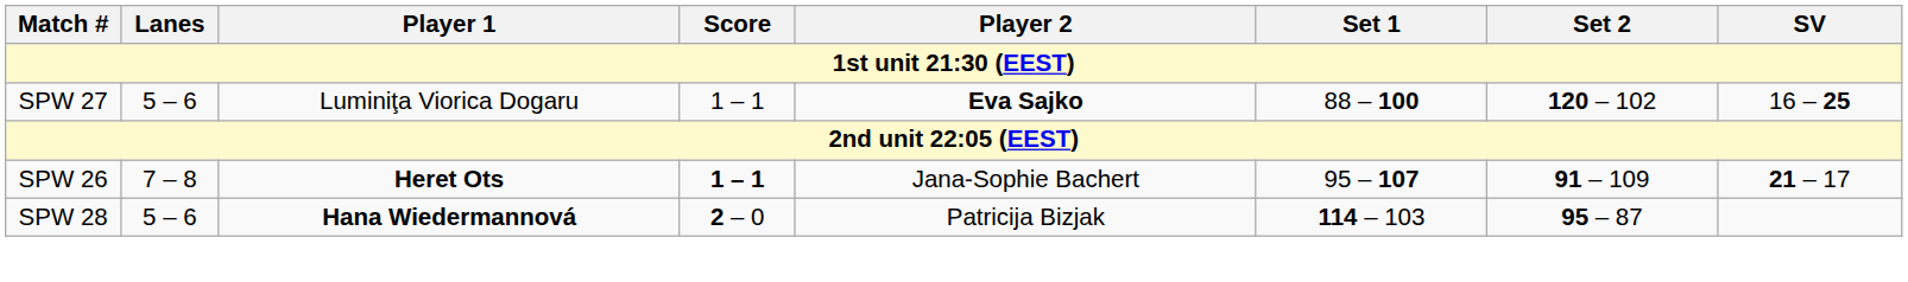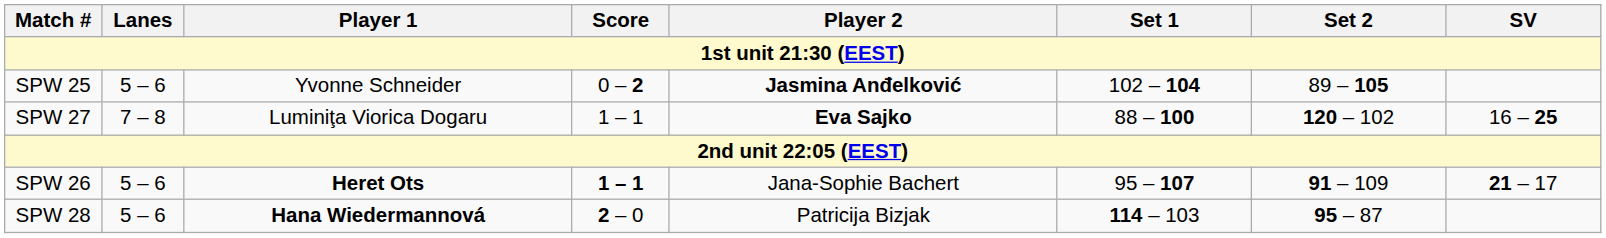 <table class="wikitable">
 <tr>
 <th width="5%">Match #</th>
 <th width="4%">Lanes</th>
 <th width="20%">Player 1</th>
 <th width="5%">Score</th>
 <th width="20%">Player 2</th>
 <th width="10%">Set 1</th>
 <th width="10%">Set 2</th>
 <th width="8%">SV</th>
 </tr>
 <tr>
 <td colspan="8" style="text-align:center; background-color:#FFFACD"><strong>1st unit 21:30 (<a href='#'>EEST</a>)</strong></td>
 </tr>
 <tr style=text-align:center;"background:#;">
+<td>SPW 25</td>
+<td>5 – 6</td>
+<td> Yvonne Schneider</td>
+<td>0 – <strong>2</strong></td>
+<td> <strong>Jasmina Anđelković</strong></td>
+<td>102 – <strong>104</strong></td>
+<td>89 – <strong>105</strong></td>
+<td></td>
+</tr>
+<tr style=text-align:center;"background:#;">
 <td>SPW 27</td>
-<td>5 – 6</td>
+<td>7 – 8</td>
 <td> Luminiţa Viorica Dogaru</td>
 <td>1 – 1</td>
 <td> <strong>Eva Sajko</strong></td>
 <td>88 – <strong>100</strong></td>
 <td><strong>120</strong> – 102</td>
 <td>16 – <strong>25</strong></td>
 </tr>
 <tr>
 <td colspan="8" style="text-align:center; background-color:#FFFACD"><strong>2nd unit 22:05 (<a href='#'>EEST</a>)</strong></td>
 </tr>
 <tr style=text-align:center;"background:#;">
 <td>SPW 26</td>
-<td>7 – 8</td>
+<td>5 – 6</td>
 <td> <strong>Heret Ots</strong></td>
 <td><strong>1 – 1</strong></td>
 <td> Jana-Sophie Bachert</td>
 <td>95 – <strong>107</strong></td>
 <td><strong>91</strong> – 109</td>
 <td><strong>21</strong> – 17</td>
 </tr>
 <tr style=text-align:center;"background:#;">
 <td>SPW 28</td>
 <td>5 – 6</td>
 <td> <strong>Hana Wiedermannová</strong></td>
 <td><strong>2</strong> – 0</td>
 <td> Patricija Bizjak</td>
 <td><strong>114</strong> – 103</td>
 <td><strong>95</strong> – 87</td>
 <td></td>
 </tr>
 </table>
